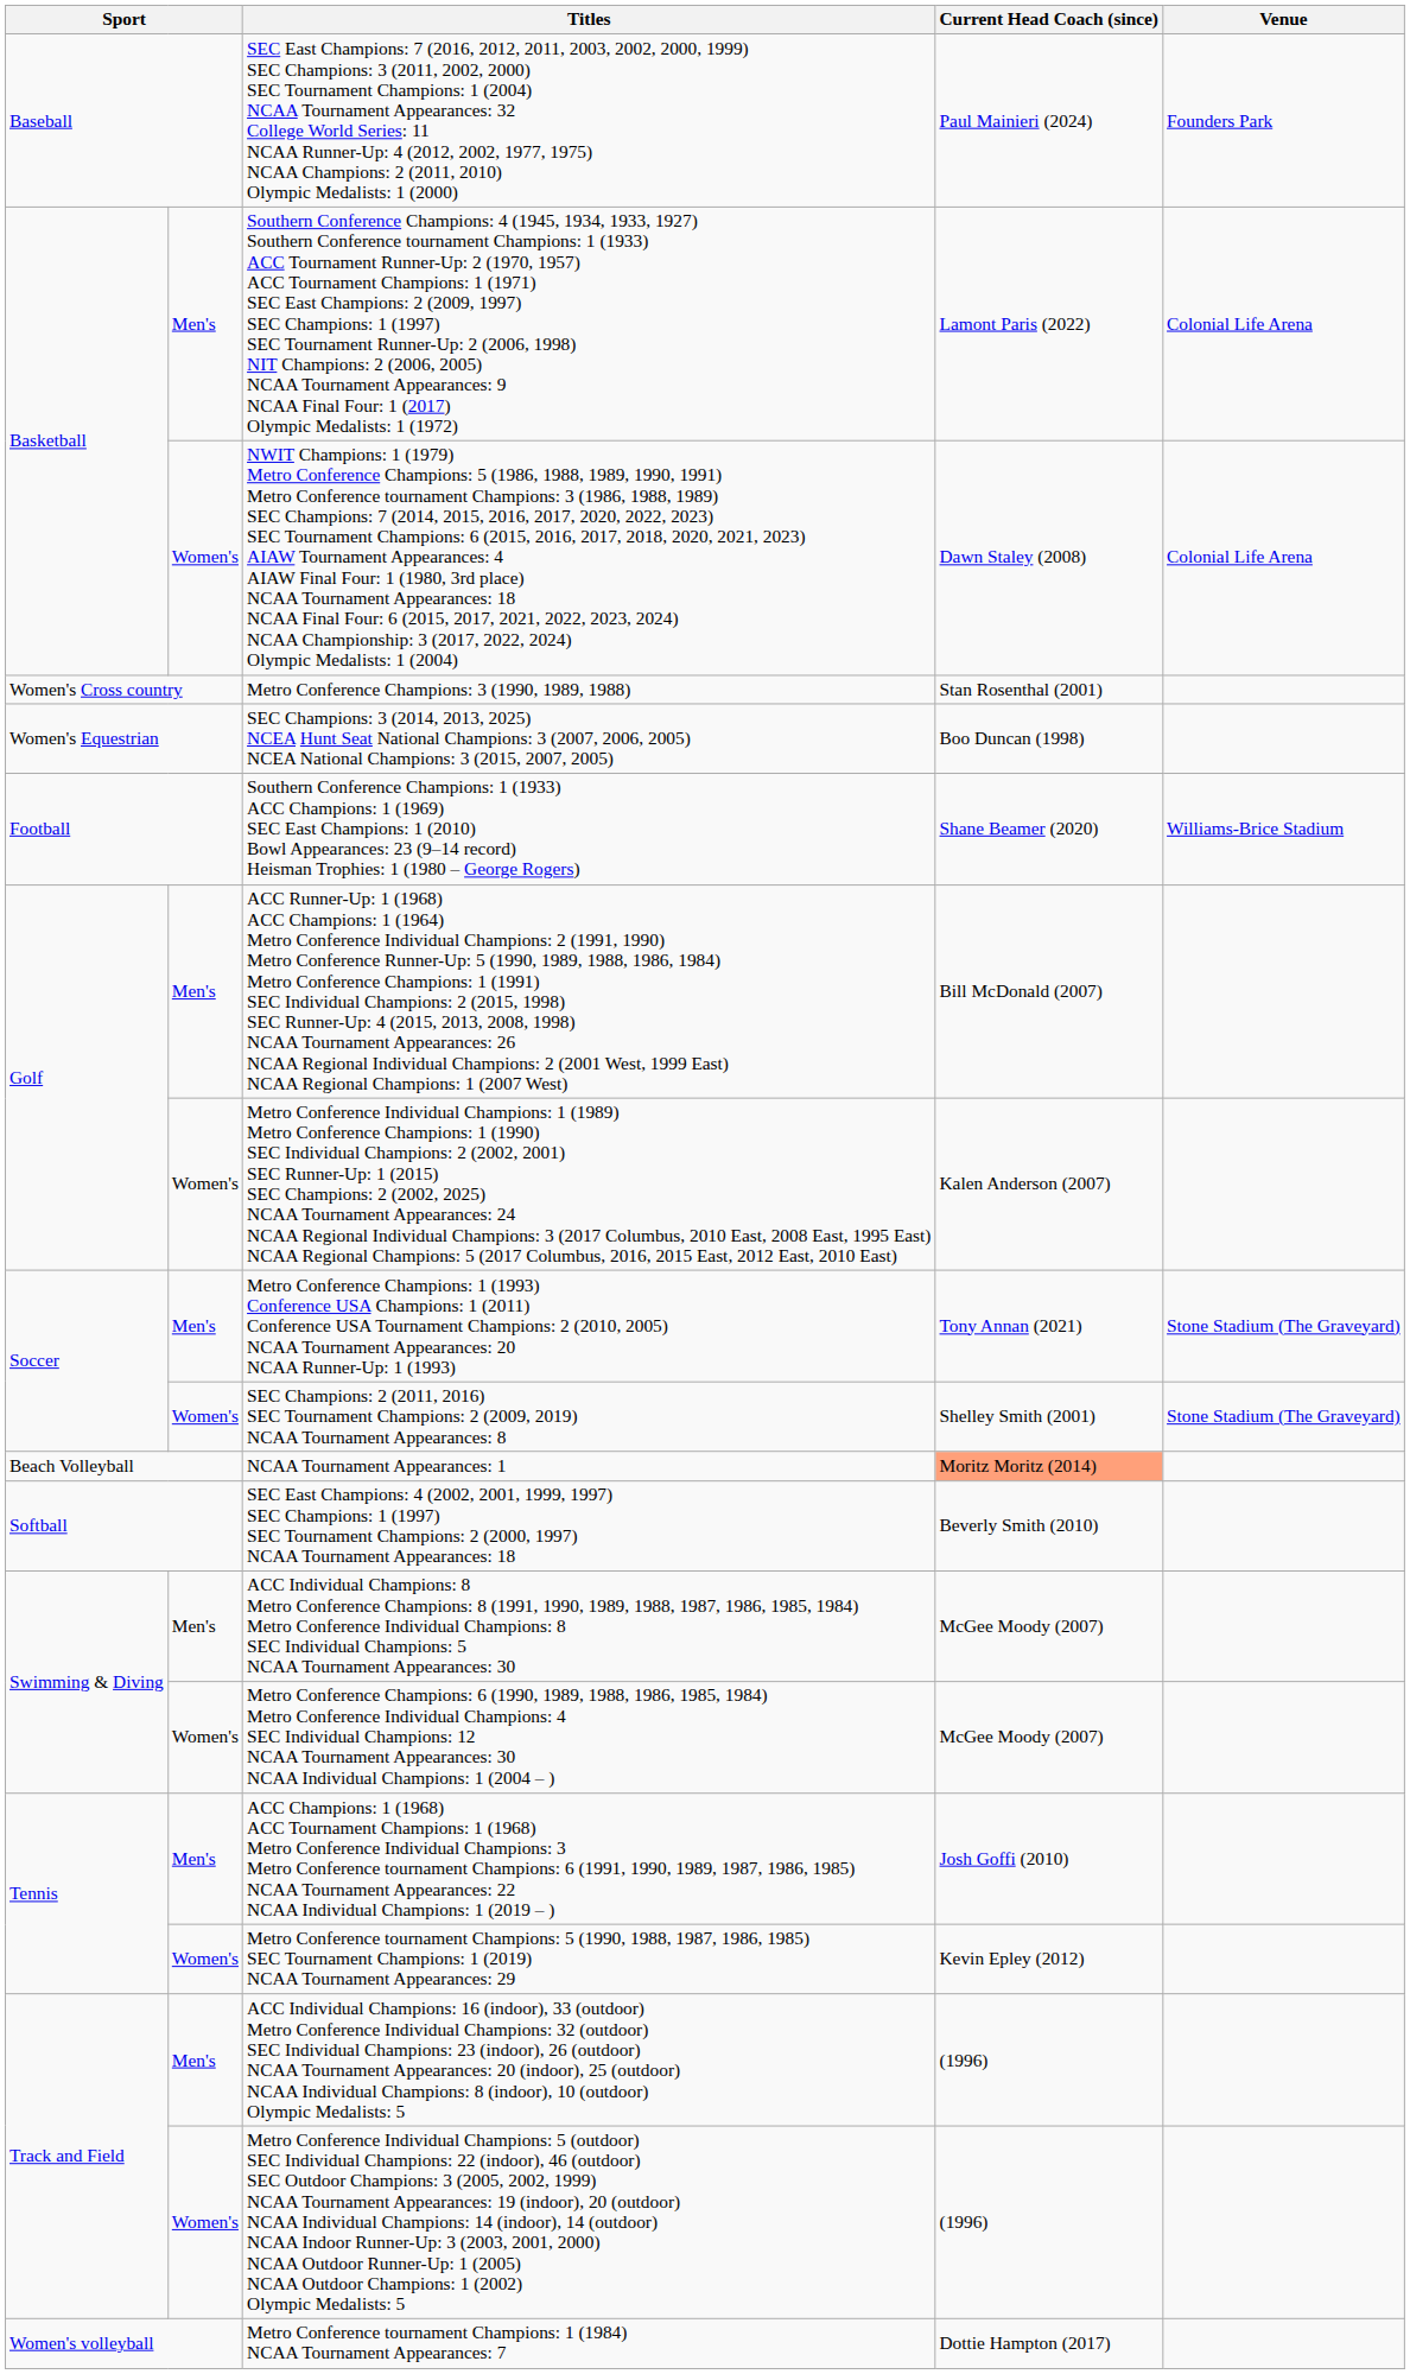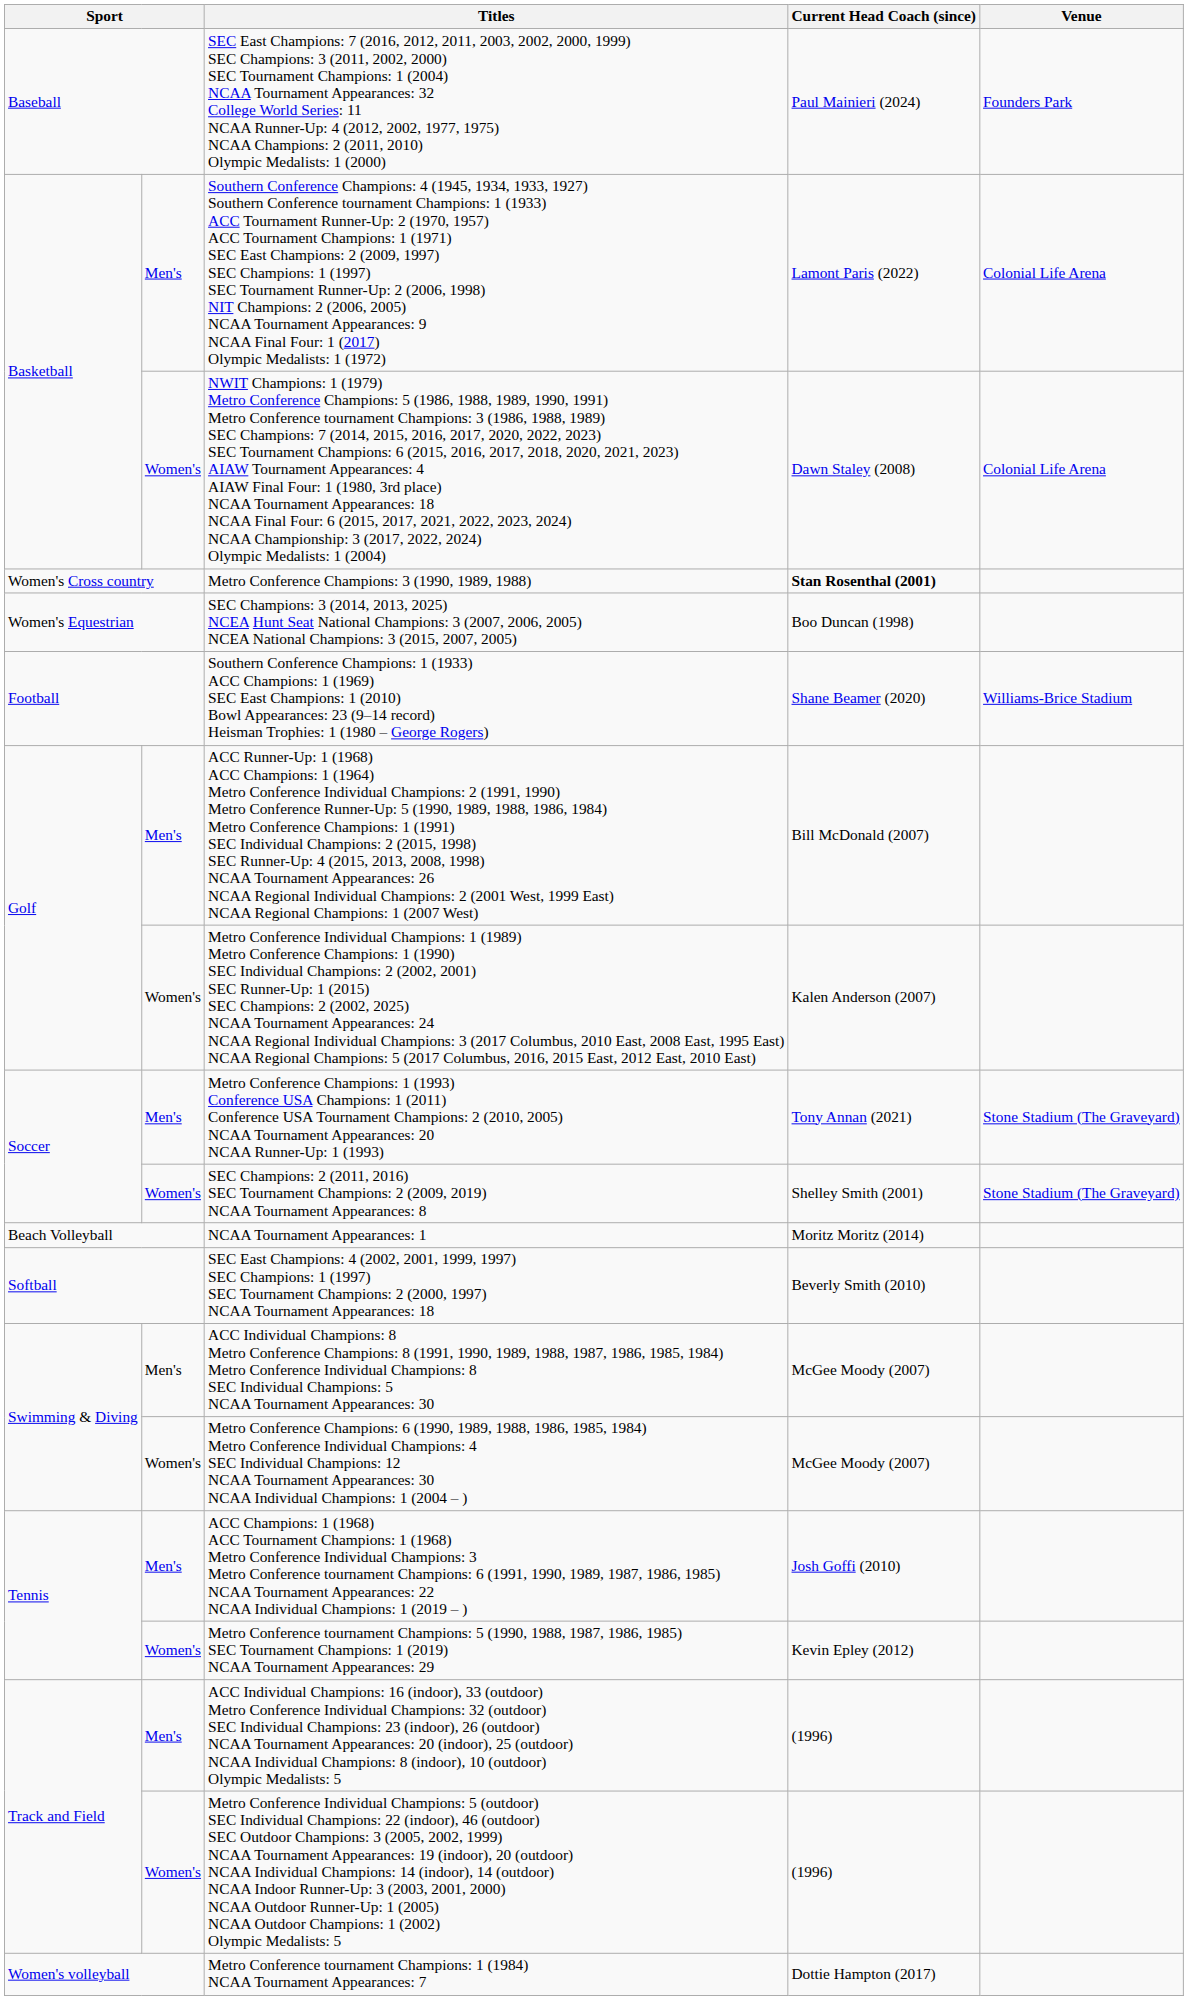 <table class="wikitable" align="center" border="1">
 <tr>
 <th colspan="2">Sport</th>
 <th>Titles </th>
 <th>Current Head Coach (since)</th>
 <th>Venue</th>
 </tr>
 <tr>
 <td colspan="2"><a href='#'>Baseball</a></td>
 <td><a href='#'>SEC</a> East Champions: 7 (2016, 2012, 2011, 2003, 2002, 2000, 1999)<br>SEC Champions: 3 (2011, 2002, 2000)<br>SEC Tournament Champions: 1 (2004)<br><a href='#'>NCAA</a> Tournament Appearances: 32<br><a href='#'>College World Series</a>: 11<br>NCAA Runner-Up: 4 (2012, 2002, 1977, 1975)<br>NCAA Champions: 2 (2011, 2010)<br>Olympic Medalists: 1 (2000)</td>
 <td><a href='#'>Paul Mainieri</a> (2024)</td>
 <td><a href='#'>Founders Park</a></td>
 </tr>
 <tr>
 <td rowspan="2"><a href='#'>Basketball</a></td>
 <td><a href='#'>Men's</a></td>
 <td><a href='#'>Southern Conference</a> Champions: 4 (1945, 1934, 1933, 1927)<br>Southern Conference tournament Champions: 1 (1933)<br><a href='#'>ACC</a> Tournament Runner-Up: 2 (1970, 1957)<br>ACC Tournament Champions: 1 (1971)<br>SEC East Champions: 2 (2009, 1997)<br>SEC Champions: 1 (1997)<br>SEC Tournament Runner-Up: 2 (2006, 1998)<br><a href='#'>NIT</a> Champions: 2 (2006, 2005)<br>NCAA Tournament Appearances: 9<br>NCAA Final Four: 1 (<a href='#'>2017</a>)<br>Olympic Medalists: 1 (1972)</td>
 <td><a href='#'>Lamont Paris</a> (2022)</td>
 <td><a href='#'>Colonial Life Arena</a></td>
 </tr>
 <tr>
 <td><a href='#'>Women's</a></td>
 <td><a href='#'>NWIT</a> Champions: 1 (1979)<br><a href='#'>Metro Conference</a> Champions: 5 (1986, 1988, 1989, 1990, 1991)<br>Metro Conference tournament Champions: 3 (1986, 1988, 1989)<br>SEC Champions: 7 (2014, 2015, 2016, 2017, 2020, 2022, 2023)<br>SEC Tournament Champions: 6 (2015, 2016, 2017, 2018, 2020, 2021, 2023)<br><a href='#'>AIAW</a> Tournament Appearances: 4<br>AIAW Final Four: 1 (1980, 3rd place)<br>NCAA Tournament Appearances: 18<br>NCAA Final Four: 6 (2015, 2017, 2021, 2022, 2023, 2024)<br>NCAA Championship: 3 (2017, 2022, 2024)<br>Olympic Medalists: 1 (2004)</td>
 <td><a href='#'>Dawn Staley</a> (2008)</td>
 <td><a href='#'>Colonial Life Arena</a></td>
 </tr>
 <tr>
 <td colspan="2">Women's <a href='#'>Cross country</a></td>
 <td>Metro Conference Champions: 3 (1990, 1989, 1988)</td>
-<td>Stan Rosenthal (2001)</td>
+<td><strong>Stan Rosenthal (2001)</strong></td>
 <td></td>
 </tr>
 <tr>
 <td colspan="2">Women's <a href='#'>Equestrian</a></td>
 <td>SEC Champions: 3 (2014, 2013, 2025)<br><a href='#'>NCEA</a> <a href='#'>Hunt Seat</a> National Champions: 3 (2007, 2006, 2005)<br>NCEA National Champions: 3 (2015, 2007, 2005)</td>
 <td>Boo Duncan (1998)</td>
 <td></td>
 </tr>
 <tr>
 <td colspan="2"><a href='#'>Football</a></td>
 <td>Southern Conference Champions: 1 (1933)<br>ACC Champions: 1 (1969)<br>SEC East Champions: 1 (2010)<br>Bowl Appearances: 23 (9–14 record)<br>Heisman Trophies: 1 (1980 – <a href='#'>George Rogers</a>)</td>
 <td><a href='#'>Shane Beamer</a> (2020)</td>
 <td><a href='#'>Williams-Brice Stadium</a></td>
 </tr>
 <tr>
 <td rowspan="2"><a href='#'>Golf</a></td>
 <td><a href='#'>Men's</a></td>
 <td>ACC Runner-Up: 1 (1968)<br>ACC Champions: 1 (1964)<br>Metro Conference Individual Champions: 2 (1991, 1990)<br>Metro Conference Runner-Up: 5 (1990, 1989, 1988, 1986, 1984)<br>Metro Conference Champions: 1 (1991)<br>SEC Individual Champions: 2 (2015, 1998)<br>SEC Runner-Up: 4 (2015, 2013, 2008, 1998)<br>NCAA Tournament Appearances: 26<br>NCAA Regional Individual Champions: 2 (2001 West, 1999 East)<br>NCAA Regional Champions: 1 (2007 West)</td>
 <td>Bill McDonald (2007)</td>
 <td></td>
 </tr>
 <tr>
 <td>Women's</td>
 <td>Metro Conference Individual Champions: 1 (1989)<br>Metro Conference Champions: 1 (1990)<br>SEC Individual Champions: 2 (2002, 2001)<br>SEC Runner-Up: 1 (2015)<br>SEC Champions: 2 (2002, 2025)<br>NCAA Tournament Appearances: 24<br>NCAA Regional Individual Champions: 3 (2017 Columbus, 2010 East, 2008 East, 1995 East)<br>NCAA Regional Champions: 5 (2017 Columbus, 2016, 2015 East, 2012 East, 2010 East)</td>
 <td>Kalen Anderson (2007)</td>
 <td></td>
 </tr>
 <tr>
 <td rowspan="2"><a href='#'>Soccer</a></td>
 <td><a href='#'>Men's</a></td>
 <td>Metro Conference Champions: 1 (1993)<br><a href='#'>Conference USA</a> Champions: 1 (2011)<br>Conference USA Tournament Champions: 2 (2010, 2005)<br>NCAA Tournament Appearances: 20<br>NCAA Runner-Up: 1 (1993)</td>
 <td><a href='#'>Tony Annan</a> (2021)</td>
 <td><a href='#'>Stone Stadium (The Graveyard)</a></td>
 </tr>
 <tr>
 <td><a href='#'>Women's</a></td>
 <td>SEC Champions: 2 (2011, 2016)<br>SEC Tournament Champions: 2 (2009, 2019)<br>NCAA Tournament Appearances: 8</td>
 <td>Shelley Smith (2001)</td>
 <td><a href='#'>Stone Stadium (The Graveyard)</a></td>
 </tr>
 <tr>
 <td colspan="2">Beach Volleyball</td>
 <td>NCAA Tournament Appearances: 1</td>
-<td style="background: lightsalmon;">Moritz Moritz (2014)</td>
+<td>Moritz Moritz (2014)</td>
 <td></td>
 </tr>
 <tr>
 <td colspan="2"><a href='#'>Softball</a></td>
 <td>SEC East Champions: 4 (2002, 2001, 1999, 1997)<br>SEC Champions: 1 (1997)<br>SEC Tournament Champions: 2 (2000, 1997)<br>NCAA Tournament Appearances: 18</td>
 <td>Beverly Smith (2010)</td>
 <td></td>
 </tr>
 <tr>
 <td rowspan="2"><a href='#'>Swimming</a> & <a href='#'>Diving</a></td>
 <td>Men's</td>
 <td>ACC Individual Champions: 8<br>Metro Conference Champions: 8 (1991, 1990, 1989, 1988, 1987, 1986, 1985, 1984)<br>Metro Conference Individual Champions: 8<br>SEC Individual Champions: 5<br>NCAA Tournament Appearances: 30</td>
 <td>McGee Moody (2007)</td>
 <td></td>
 </tr>
 <tr>
 <td>Women's</td>
 <td>Metro Conference Champions: 6 (1990, 1989, 1988, 1986, 1985, 1984)<br>Metro Conference Individual Champions: 4<br>SEC Individual Champions: 12<br>NCAA Tournament Appearances: 30<br>NCAA Individual Champions: 1 (2004 – )</td>
 <td>McGee Moody (2007)</td>
 <td></td>
 </tr>
 <tr>
 <td rowspan="2"><a href='#'>Tennis</a></td>
 <td><a href='#'>Men's</a></td>
 <td>ACC Champions: 1 (1968)<br>ACC Tournament Champions: 1 (1968)<br>Metro Conference Individual Champions: 3<br>Metro Conference tournament Champions: 6 (1991, 1990, 1989, 1987, 1986, 1985)<br>NCAA Tournament Appearances: 22<br>NCAA Individual Champions: 1 (2019 – )</td>
 <td><a href='#'>Josh Goffi</a> (2010)</td>
 <td></td>
 </tr>
 <tr>
 <td><a href='#'>Women's</a></td>
 <td>Metro Conference tournament Champions: 5 (1990, 1988, 1987, 1986, 1985) <br>SEC Tournament Champions: 1 (2019)<br>NCAA Tournament Appearances: 29</td>
 <td>Kevin Epley (2012)</td>
 <td></td>
 </tr>
 <tr>
 <td rowspan="2"><a href='#'>Track and Field</a></td>
 <td><a href='#'>Men's</a></td>
 <td>ACC Individual Champions: 16 (indoor), 33 (outdoor)<br>Metro Conference Individual Champions: 32 (outdoor)<br>SEC Individual Champions: 23 (indoor), 26 (outdoor)<br>NCAA Tournament Appearances: 20 (indoor), 25 (outdoor)<br>NCAA Individual Champions: 8 (indoor), 10 (outdoor)<br>Olympic Medalists: 5</td>
 <td> (1996)</td>
 <td></td>
 </tr>
 <tr>
 <td><a href='#'>Women's</a></td>
 <td>Metro Conference Individual Champions: 5 (outdoor)<br>SEC Individual Champions: 22 (indoor), 46 (outdoor)<br>SEC Outdoor Champions: 3 (2005, 2002, 1999)<br>NCAA Tournament Appearances: 19 (indoor), 20 (outdoor)<br>NCAA Individual Champions: 14 (indoor), 14 (outdoor)<br>NCAA Indoor Runner-Up: 3 (2003, 2001, 2000)<br>NCAA Outdoor Runner-Up: 1 (2005)<br>NCAA Outdoor Champions: 1 (2002)<br>Olympic Medalists: 5</td>
 <td> (1996)</td>
 <td></td>
 </tr>
 <tr>
 <td colspan="2"><a href='#'>Women's volleyball</a></td>
 <td>Metro Conference tournament Champions: 1 (1984)<br>NCAA Tournament Appearances: 7</td>
 <td>Dottie Hampton (2017)</td>
 <td></td>
 </tr>
 </table>
